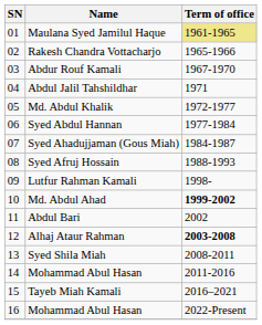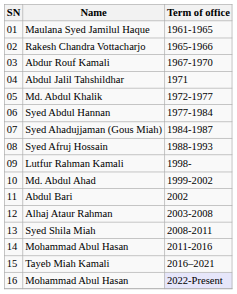 <table class="wikitable">
 <tr>
 <th>SN</th>
 <th>Name</th>
 <th>Term of office</th>
 </tr>
 <tr>
 <td>01</td>
 <td>Maulana Syed Jamilul Haque</td>
-<td style="background: khaki;">1961-1965</td>
+<td>1961-1965</td>
 </tr>
 <tr>
 <td>02</td>
 <td>Rakesh Chandra Vottacharjo</td>
 <td>1965-1966</td>
 </tr>
 <tr>
 <td>03</td>
 <td>Abdur Rouf Kamali</td>
 <td>1967-1970</td>
 </tr>
 <tr>
 <td>04</td>
 <td>Abdul Jalil Tahshildhar</td>
 <td>1971</td>
 </tr>
 <tr>
 <td>05</td>
 <td>Md. Abdul Khalik</td>
 <td>1972-1977</td>
 </tr>
 <tr>
 <td>06</td>
 <td>Syed Abdul Hannan</td>
 <td>1977-1984</td>
 </tr>
 <tr>
 <td>07</td>
 <td>Syed Ahadujjaman (Gous Miah)</td>
 <td>1984-1987</td>
 </tr>
 <tr>
 <td>08</td>
 <td>Syed Afruj Hossain</td>
 <td>1988-1993</td>
 </tr>
 <tr>
 <td>09</td>
 <td>Lutfur Rahman Kamali</td>
 <td>1998-</td>
 </tr>
 <tr>
 <td>10</td>
 <td>Md. Abdul Ahad</td>
-<td><strong>1999-2002</strong></td>
+<td>1999-2002</td>
 </tr>
 <tr>
 <td>11</td>
 <td>Abdul Bari</td>
 <td>2002</td>
 </tr>
 <tr>
 <td>12</td>
 <td>Alhaj Ataur Rahman</td>
-<td><strong>2003-2008</strong></td>
+<td>2003-2008</td>
 </tr>
 <tr>
 <td>13</td>
 <td>Syed Shila Miah</td>
 <td>2008-2011</td>
 </tr>
 <tr>
 <td>14</td>
 <td>Mohammad Abul Hasan</td>
 <td>2011-2016</td>
 </tr>
 <tr>
 <td>15</td>
 <td>Tayeb Miah Kamali</td>
 <td>2016–2021</td>
 </tr>
 <tr>
 <td>16</td>
 <td>Mohammad Abul Hasan</td>
-<td>2022-Present</td>
+<td style="background: lavender;">2022-Present</td>
 </tr>
 <tr>
 </tr>
 </table>
